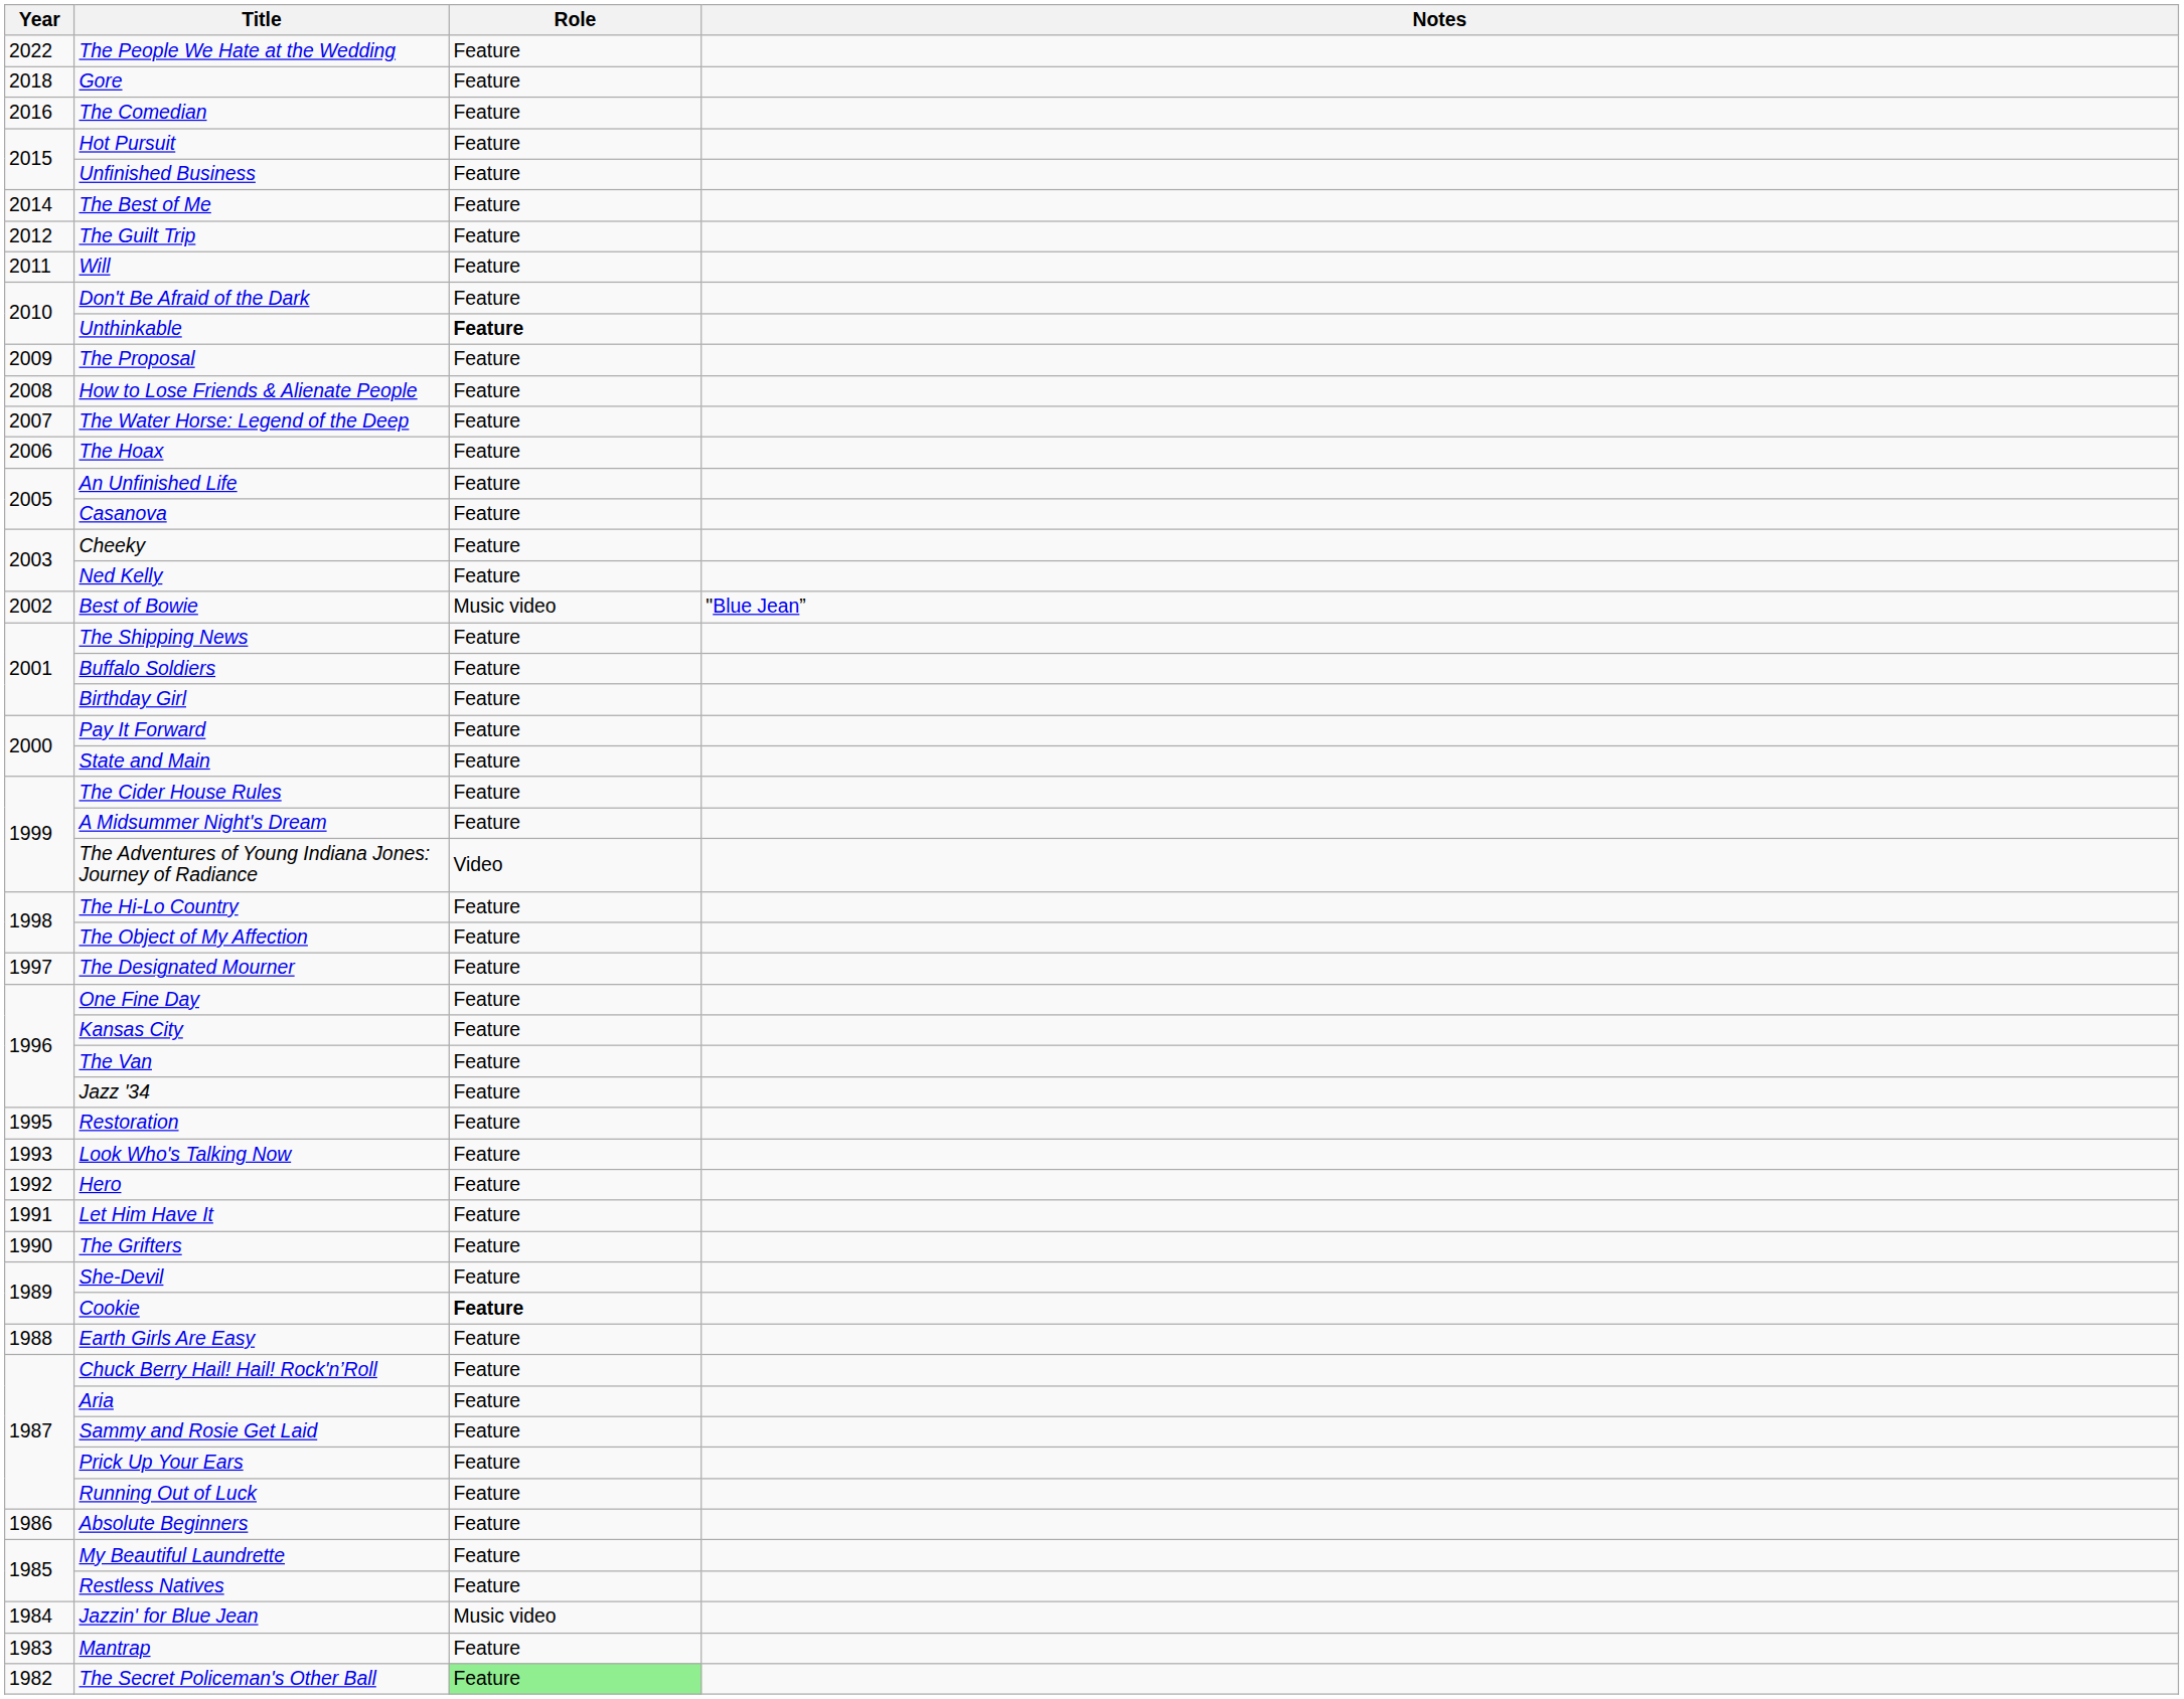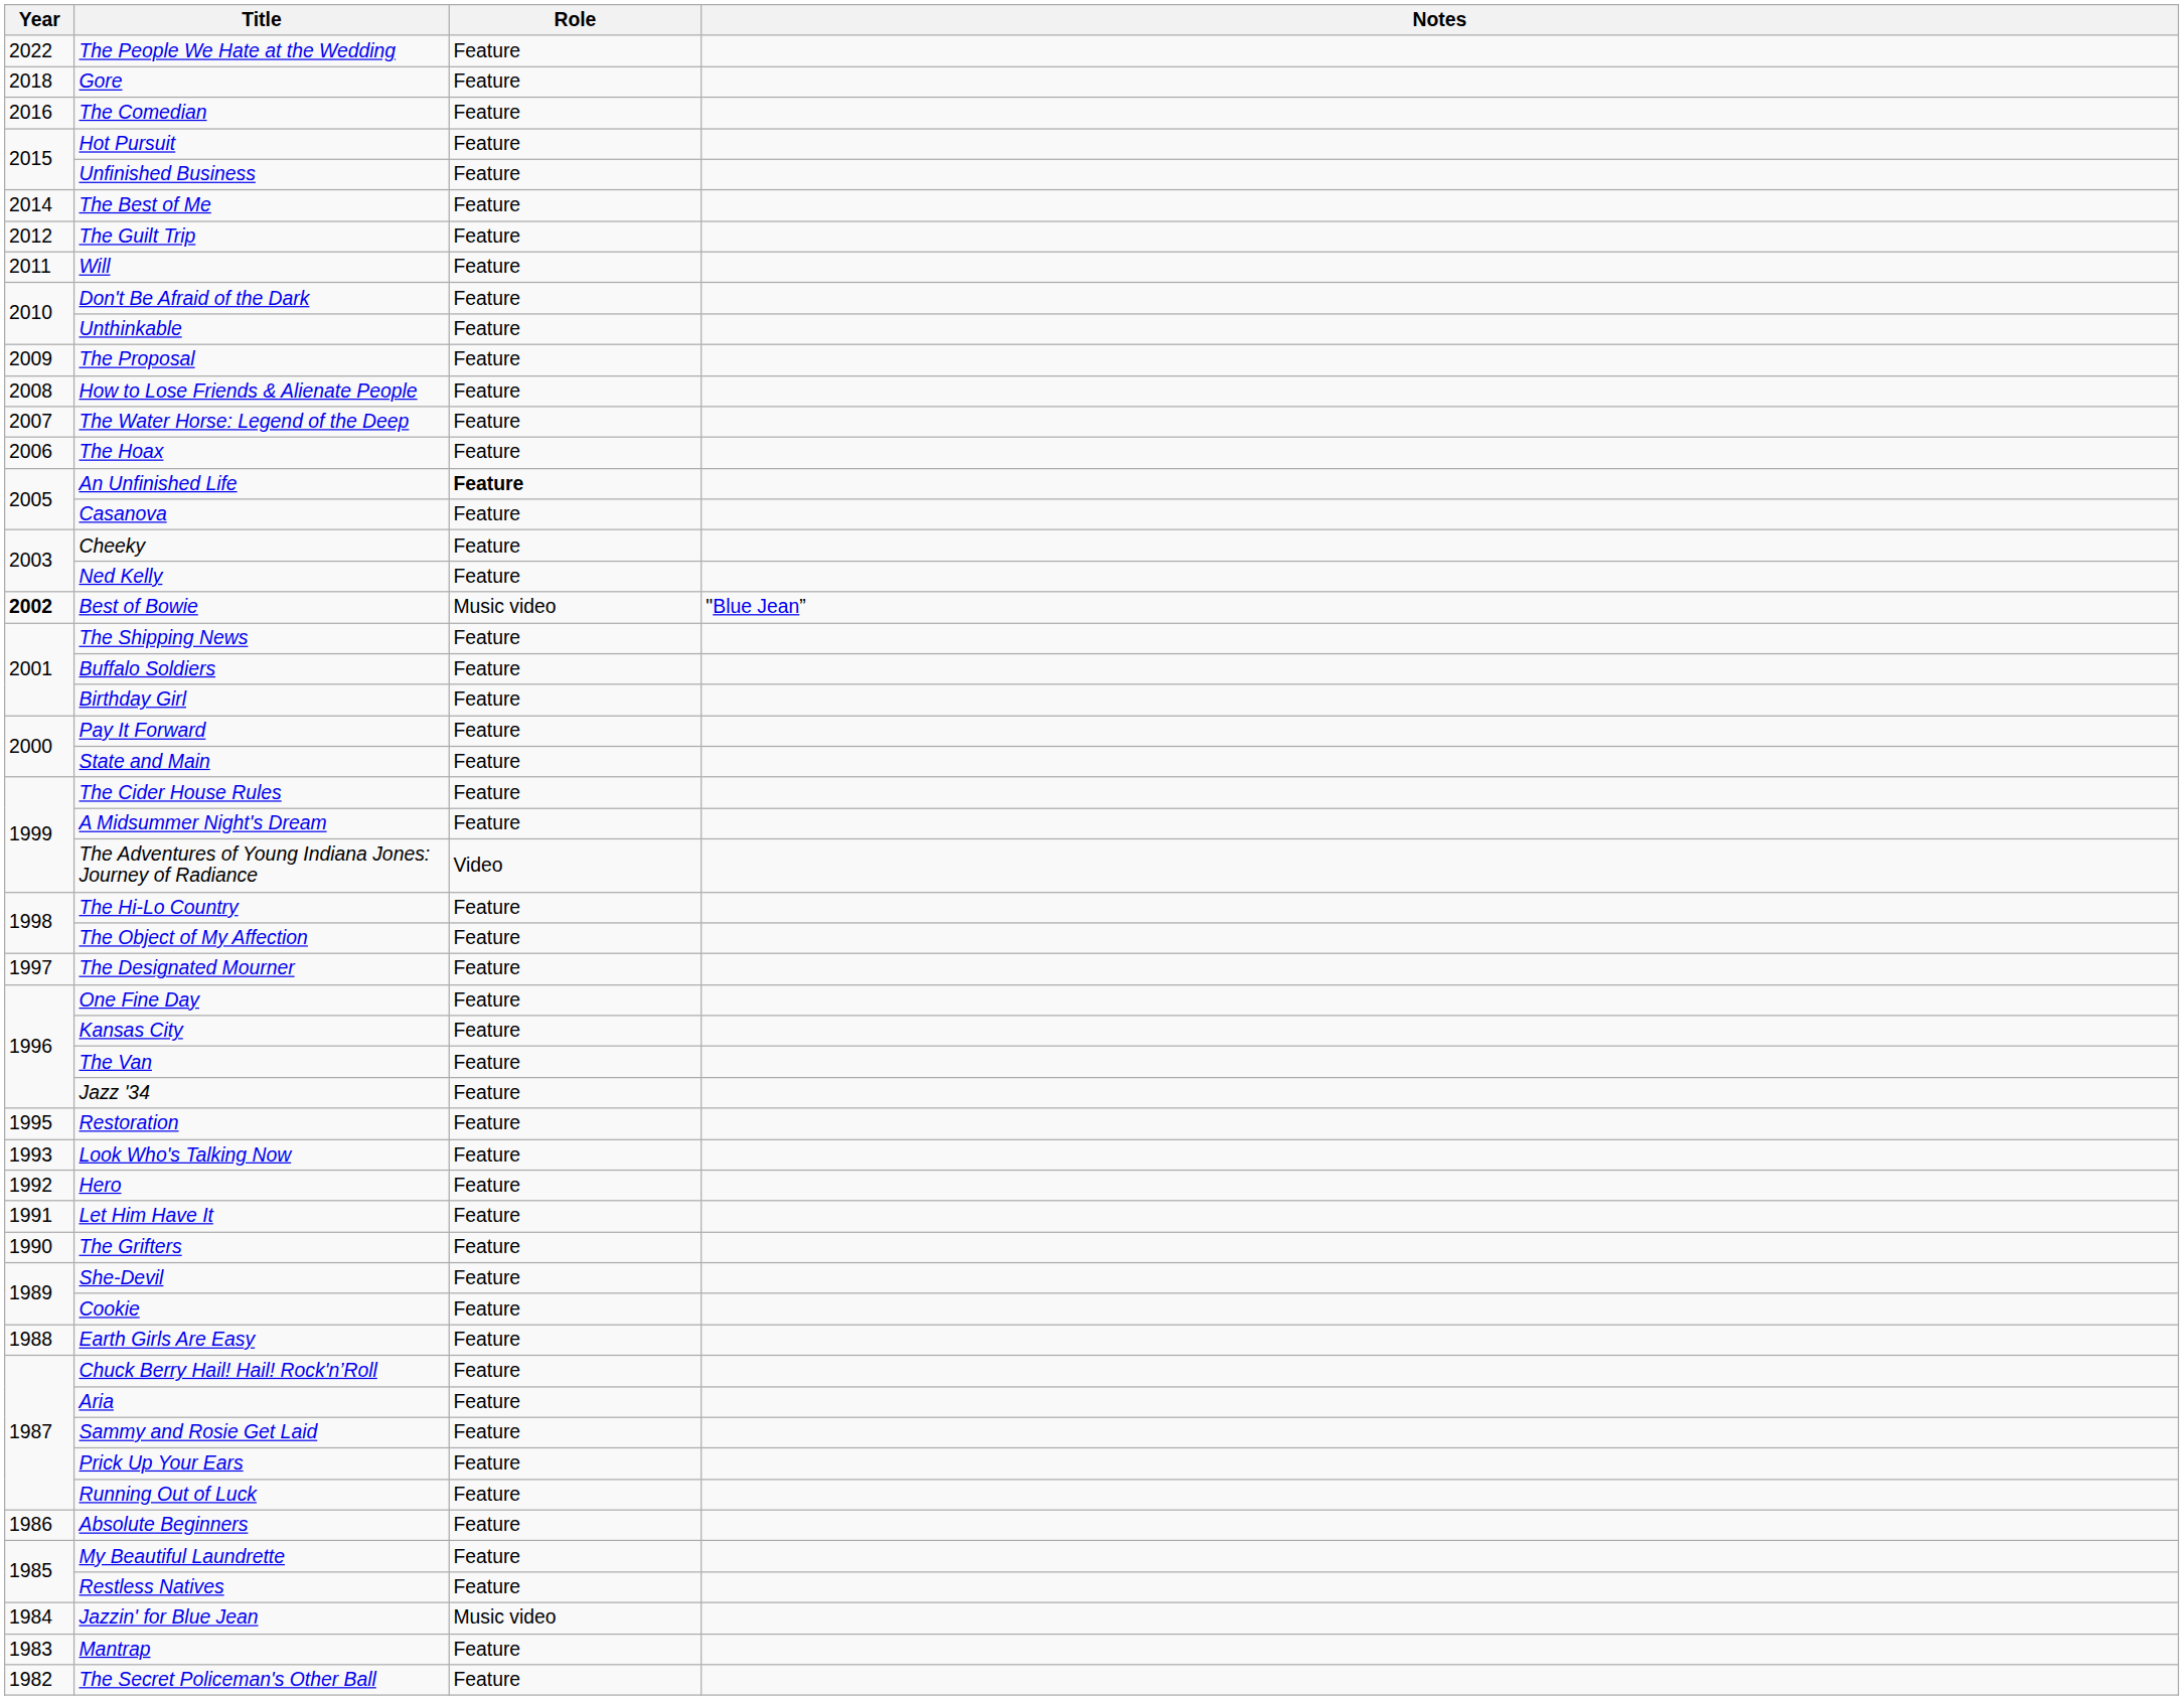 <table class="wikitable sortable" width="90%">
 <tr>
 <th width="50px">Year</th>
 <th width="300px">Title</th>
 <th width="200px">Role</th>
 <th class="unsortable">Notes</th>
 </tr>
 <tr>
 <td>2022</td>
 <td><em><a href='#'>The People We Hate at the Wedding</a></em></td>
 <td>Feature</td>
 <td></td>
 </tr>
 <tr>
 <td>2018</td>
 <td><em><a href='#'>Gore</a></em></td>
 <td>Feature</td>
 <td></td>
 </tr>
 <tr>
 <td>2016</td>
 <td><em><a href='#'>The Comedian</a></em></td>
 <td>Feature</td>
 <td></td>
 </tr>
 <tr>
 <td rowspan="2">2015</td>
 <td><a href='#'><em>Hot Pursuit</em></a></td>
 <td>Feature</td>
 <td></td>
 </tr>
 <tr>
 <td><a href='#'><em>Unfinished Business</em></a></td>
 <td>Feature</td>
 <td></td>
 </tr>
 <tr>
 <td>2014</td>
 <td><a href='#'><em>The Best of Me</em></a></td>
 <td>Feature</td>
 <td></td>
 </tr>
 <tr>
 <td>2012</td>
 <td><a href='#'><em>The Guilt Trip</em></a></td>
 <td>Feature</td>
 <td></td>
 </tr>
 <tr>
 <td>2011</td>
 <td><a href='#'><em>Will</em></a></td>
 <td>Feature</td>
 <td></td>
 </tr>
 <tr>
 <td rowspan="2">2010</td>
 <td><em><a href='#'>Don't Be Afraid of the Dark</a></em></td>
 <td>Feature</td>
 <td></td>
 </tr>
 <tr>
 <td><em><a href='#'>Unthinkable</a></em></td>
-<td><strong>Feature</strong></td>
+<td>Feature</td>
 <td></td>
 </tr>
 <tr>
 <td>2009</td>
 <td><a href='#'><em>The Proposal</em></a></td>
 <td>Feature</td>
 <td></td>
 </tr>
 <tr>
 <td>2008</td>
 <td><a href='#'><em>How to Lose Friends & Alienate People</em></a></td>
 <td>Feature</td>
 <td></td>
 </tr>
 <tr>
 <td>2007</td>
 <td><em><a href='#'>The Water Horse: Legend of the Deep</a></em></td>
 <td>Feature</td>
 <td></td>
 </tr>
 <tr>
 <td>2006</td>
 <td><em><a href='#'>The Hoax</a></em></td>
 <td>Feature</td>
 <td></td>
 </tr>
 <tr>
 <td rowspan="2">2005</td>
 <td><em><a href='#'>An Unfinished Life</a></em></td>
-<td>Feature</td>
+<td><strong>Feature</strong></td>
 <td></td>
 </tr>
 <tr>
 <td><a href='#'><em>Casanova</em></a></td>
 <td>Feature</td>
 <td></td>
 </tr>
 <tr>
 <td rowspan="2">2003</td>
 <td><em>Cheeky</em></td>
 <td>Feature</td>
 <td></td>
 </tr>
 <tr>
 <td><a href='#'><em>Ned Kelly</em></a></td>
 <td>Feature</td>
 <td></td>
 </tr>
 <tr>
-<td>2002</td>
+<td><strong>2002</strong></td>
 <td><em><a href='#'>Best of Bowie</a></em></td>
 <td>Music video</td>
 <td>"<a href='#'>Blue Jean</a>”</td>
 </tr>
 <tr>
 <td rowspan="3">2001</td>
 <td><a href='#'><em>The Shipping News</em></a></td>
 <td>Feature</td>
 <td></td>
 </tr>
 <tr>
 <td><a href='#'><em>Buffalo Soldiers</em></a></td>
 <td>Feature</td>
 <td></td>
 </tr>
 <tr>
 <td><em><a href='#'>Birthday Girl</a></em></td>
 <td>Feature</td>
 <td></td>
 </tr>
 <tr>
 <td rowspan="2">2000</td>
 <td><a href='#'><em>Pay It Forward</em></a></td>
 <td>Feature</td>
 <td></td>
 </tr>
 <tr>
 <td><em><a href='#'>State and Main</a></em></td>
 <td>Feature</td>
 <td></td>
 </tr>
 <tr>
 <td rowspan="3">1999</td>
 <td><a href='#'><em>The Cider House Rules</em></a></td>
 <td>Feature</td>
 <td></td>
 </tr>
 <tr>
 <td><a href='#'><em>A Midsummer Night's Dream</em></a></td>
 <td>Feature</td>
 <td></td>
 </tr>
 <tr>
 <td><em>The Adventures of Young Indiana Jones: Journey of Radiance</em></td>
 <td>Video</td>
 <td></td>
 </tr>
 <tr>
 <td rowspan="2">1998</td>
 <td><em><a href='#'>The Hi-Lo Country</a></em></td>
 <td>Feature</td>
 <td></td>
 </tr>
 <tr>
 <td><em><a href='#'>The Object of My Affection</a></em></td>
 <td>Feature</td>
 <td></td>
 </tr>
 <tr>
 <td>1997</td>
 <td><em><a href='#'>The Designated Mourner</a></em></td>
 <td>Feature</td>
 <td></td>
 </tr>
 <tr>
 <td rowspan="4">1996</td>
 <td><a href='#'><em>One Fine Day</em></a></td>
 <td>Feature</td>
 <td></td>
 </tr>
 <tr>
 <td><em><a href='#'>Kansas City</a></em></td>
 <td>Feature</td>
 <td></td>
 </tr>
 <tr>
 <td><a href='#'><em>The Van</em></a></td>
 <td>Feature</td>
 <td></td>
 </tr>
 <tr>
 <td><em>Jazz '34</em></td>
 <td>Feature</td>
 <td></td>
 </tr>
 <tr>
 <td>1995</td>
 <td><a href='#'><em>Restoration</em></a></td>
 <td>Feature</td>
 <td></td>
 </tr>
 <tr>
 <td>1993</td>
 <td><em><a href='#'>Look Who's Talking Now</a></em></td>
 <td>Feature</td>
 <td></td>
 </tr>
 <tr>
 <td>1992</td>
 <td><em><a href='#'>Hero</a></em></td>
 <td>Feature</td>
 <td></td>
 </tr>
 <tr>
 <td>1991</td>
 <td><em><a href='#'>Let Him Have It</a></em></td>
 <td>Feature</td>
 <td></td>
 </tr>
 <tr>
 <td>1990</td>
 <td><em><a href='#'>The Grifters</a></em></td>
 <td>Feature</td>
 <td></td>
 </tr>
 <tr>
 <td rowspan="2">1989</td>
 <td><em><a href='#'>She-Devil</a></em></td>
 <td>Feature</td>
 <td></td>
 </tr>
 <tr>
 <td><em><a href='#'>Cookie</a></em></td>
-<td><strong>Feature</strong></td>
+<td>Feature</td>
 <td></td>
 </tr>
 <tr>
 <td>1988</td>
 <td><em><a href='#'>Earth Girls Are Easy</a></em></td>
 <td>Feature</td>
 <td></td>
 </tr>
 <tr>
 <td rowspan="5">1987</td>
 <td><em><a href='#'>Chuck Berry Hail! Hail! Rock'n’Roll</a></em></td>
 <td>Feature</td>
 <td></td>
 </tr>
 <tr>
 <td><em><a href='#'>Aria</a></em></td>
 <td>Feature</td>
 <td></td>
 </tr>
 <tr>
 <td><em><a href='#'>Sammy and Rosie Get Laid</a></em></td>
 <td>Feature</td>
 <td></td>
 </tr>
 <tr>
 <td><em><a href='#'>Prick Up Your Ears</a></em></td>
 <td>Feature</td>
 <td></td>
 </tr>
 <tr>
 <td><em><a href='#'>Running Out of Luck</a></em></td>
 <td>Feature</td>
 <td></td>
 </tr>
 <tr>
 <td>1986</td>
 <td><em><a href='#'>Absolute Beginners</a></em></td>
 <td>Feature</td>
 <td></td>
 </tr>
 <tr>
 <td rowspan="2">1985</td>
 <td><em><a href='#'>My Beautiful Laundrette</a></em></td>
 <td>Feature</td>
 <td></td>
 </tr>
 <tr>
 <td><em><a href='#'>Restless Natives</a></em></td>
 <td>Feature</td>
 <td></td>
 </tr>
 <tr>
 <td>1984</td>
 <td><em><a href='#'>Jazzin' for Blue Jean</a></em></td>
 <td>Music video</td>
 <td></td>
 </tr>
 <tr>
 <td>1983</td>
 <td><em><a href='#'>Mantrap</a></em></td>
 <td>Feature</td>
 <td></td>
 </tr>
 <tr>
 <td>1982</td>
 <td><em><a href='#'>The Secret Policeman's Other Ball</a></em></td>
-<td style="background: lightgreen;">Feature</td>
+<td>Feature</td>
 <td></td>
 </tr>
 </table>
